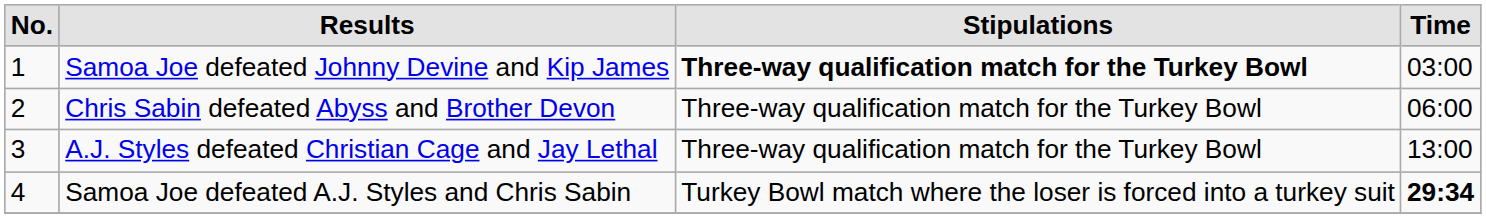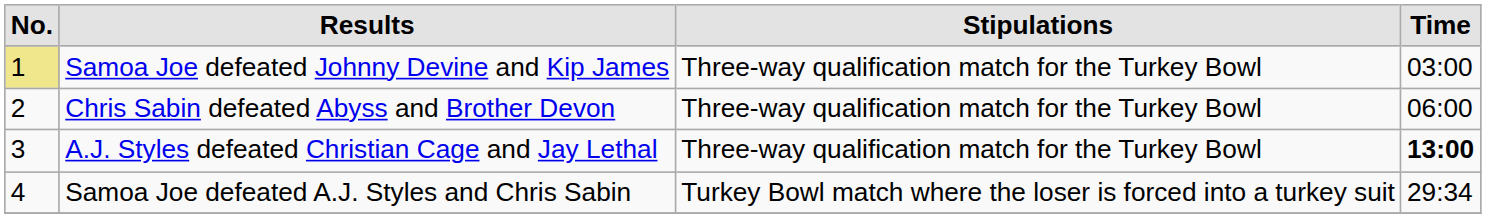 <table style="font-size: 100%; text-align: left;" class="wikitable">
 <tr>
 <th style="border-style: none none solid solid; background: #e3e3e3;"><strong>No.</strong></th>
 <th style="border-style: none none solid solid; background: #e3e3e3;"><strong>Results</strong></th>
 <th style="border-style: none none solid solid; background: #e3e3e3;"><strong>Stipulations</strong></th>
 <th style="border-style: none none solid solid; background: #e3e3e3;"><strong>Time</strong></th>
 </tr>
 <tr>
-<td>1</td>
+<td style="background: khaki;">1</td>
 <td><a href='#'>Samoa Joe</a> defeated <a href='#'>Johnny Devine</a> and <a href='#'>Kip James</a></td>
-<td><strong>Three-way qualification match for the Turkey Bowl</strong></td>
+<td>Three-way qualification match for the Turkey Bowl</td>
 <td>03:00</td>
 </tr>
 <tr>
 <td>2</td>
 <td><a href='#'>Chris Sabin</a> defeated <a href='#'>Abyss</a> and <a href='#'>Brother Devon</a></td>
 <td>Three-way qualification match for the Turkey Bowl</td>
 <td>06:00</td>
 </tr>
 <tr>
 <td>3</td>
 <td><a href='#'>A.J. Styles</a> defeated <a href='#'>Christian Cage</a> and <a href='#'>Jay Lethal</a></td>
 <td>Three-way qualification match for the Turkey Bowl</td>
-<td>13:00</td>
+<td><strong>13:00</strong></td>
 </tr>
 <tr>
 <td>4</td>
 <td>Samoa Joe defeated A.J. Styles and Chris Sabin</td>
 <td>Turkey Bowl match where the loser is forced into a turkey suit</td>
-<td><strong>29:34</strong></td>
+<td>29:34</td>
 </tr>
 <tr>
 </tr>
 </table>
